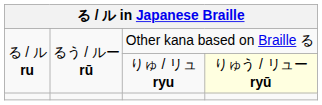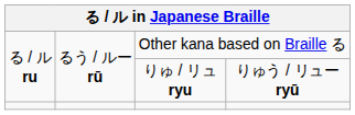 <table class="wikitable nowrap" style="text-align:center">
 <tr>
 <th colspan=4>る / ル in <a href='#'>Japanese Braille</a></th>
 </tr>
 <tr>
 <td rowspan=2>る / ル <br><strong>ru</strong></td>
 <td rowspan=2>るう / ルー <br><strong>rū</strong></td>
 <td colspan=2>Other kana based on <a href='#'>Braille</a> る</td>
 </tr>
 <tr>
 <td>りゅ / リュ <br><strong>ryu</strong></td>
-<td style="background: lightyellow;">りゅう / リュー <br><strong>ryū</strong></td>
+<td>りゅう / リュー <br><strong>ryū</strong></td>
 </tr>
 <tr>
 <td></td>
 <td></td>
 <td></td>
 <td></td>
 </tr>
 </table>
